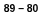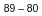 <table style="text-align:center">
 <tr>
 <th width=200></th>
 <th width=100></th>
 <th width=200></th>
 <th></th>
 </tr>
 <tr>
 <td align=right><strong></strong></td>
-<td><strong>89 – 80</strong></td>
+<td>89 – 80</td>
 <td align=left></td>
 </tr>
 </table>
